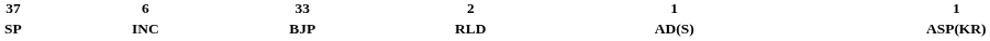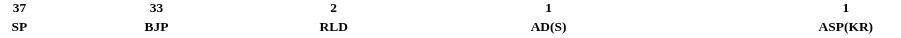 <table style="width:100%; text-align:center;">
 <tr>
 <td><strong>37</strong></td>
-<td><strong>6</strong></td>
 <td><strong>33</strong></td>
 <td><strong>2</strong></td>
 <td><strong>1</strong></td>
 <td><strong>1</strong></td>
 </tr>
 <tr>
 <td><span><strong>SP</strong></span></td>
-<td><span><strong>INC</strong></span></td>
 <td><span><strong>BJP</strong></span></td>
 <td><span><strong>RLD</strong></span></td>
 <td><span><strong>AD(S)</strong></span></td>
 <td><span><strong>ASP(KR)</strong></span></td>
 </tr>
 </table>
